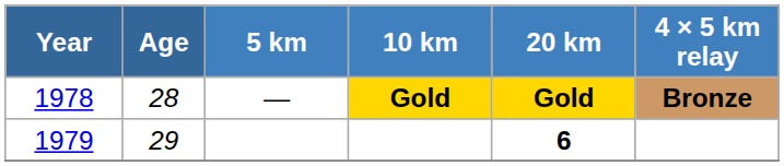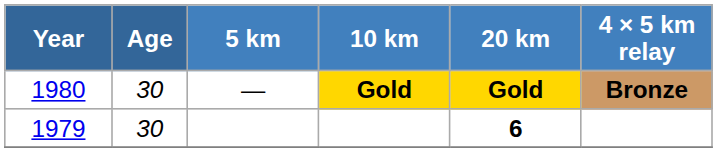 <table class="wikitable" style="font-size:95%; text-align:center; border:grey solid 1px; border-collapse:collapse; background:#ffffff;">
 <tr>
 <th style="background-color:#369; color:white; width:60px;"> Year </th>
 <th style="background-color:#369; color:white; width:40px;"> Age </th>
 <th style="background-color:#4180be; color:white; width:75px;"> 5 km </th>
 <th style="background-color:#4180be; color:white; width:75px;"> 10 km </th>
 <th style="background-color:#4180be; color:white; width:75px;"> 20 km </th>
 <th style="background-color:#4180be; color:white; width:75px;"> 4 × 5 km <br> relay </th>
 </tr>
 <tr>
-<td><a href='#'>1978</a></td>
-<td><em>28</em></td>
+<td><a href='#'>1980</a></td>
+<td><em>30</em></td>
 <td>—</td>
 <td style="background:gold;"><strong>Gold</strong></td>
 <td style="background:gold;"><strong>Gold</strong></td>
 <td bgcolor="cc9966"><strong>Bronze</strong></td>
 </tr>
 <tr>
 <td><a href='#'>1979</a></td>
-<td><em>29</em></td>
+<td><em>30</em></td>
 <td></td>
 <td></td>
 <td><strong>6</strong></td>
 <td></td>
 </tr>
 <tr>
 </tr>
 </table>
